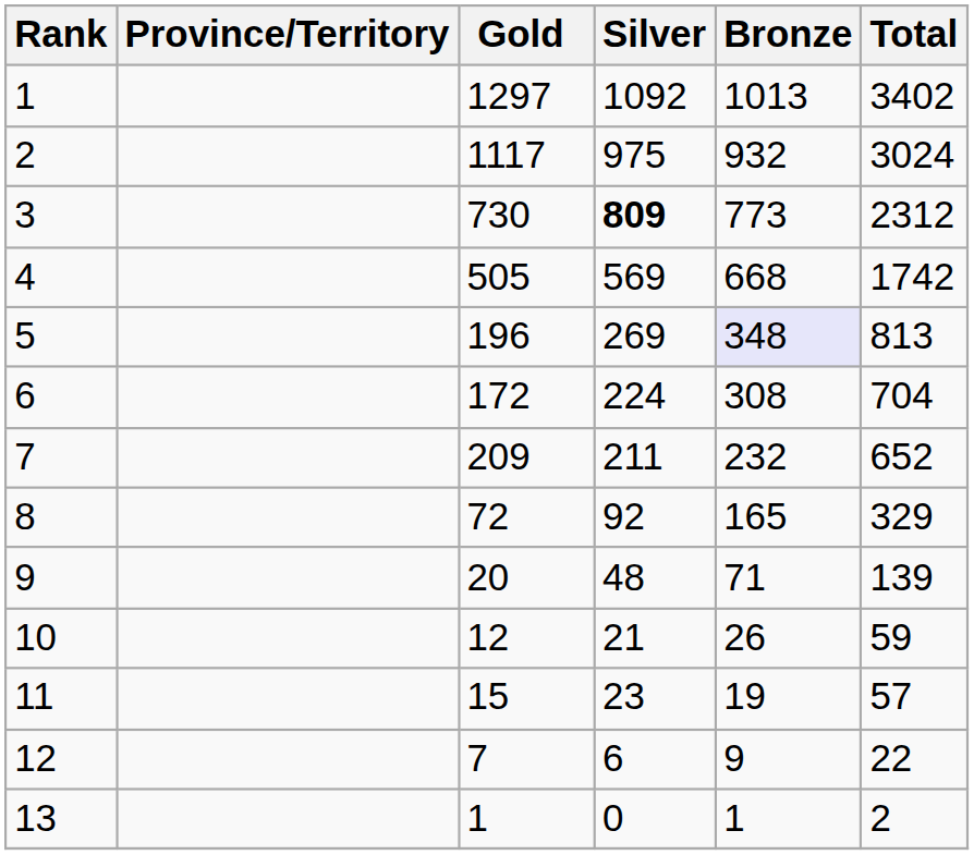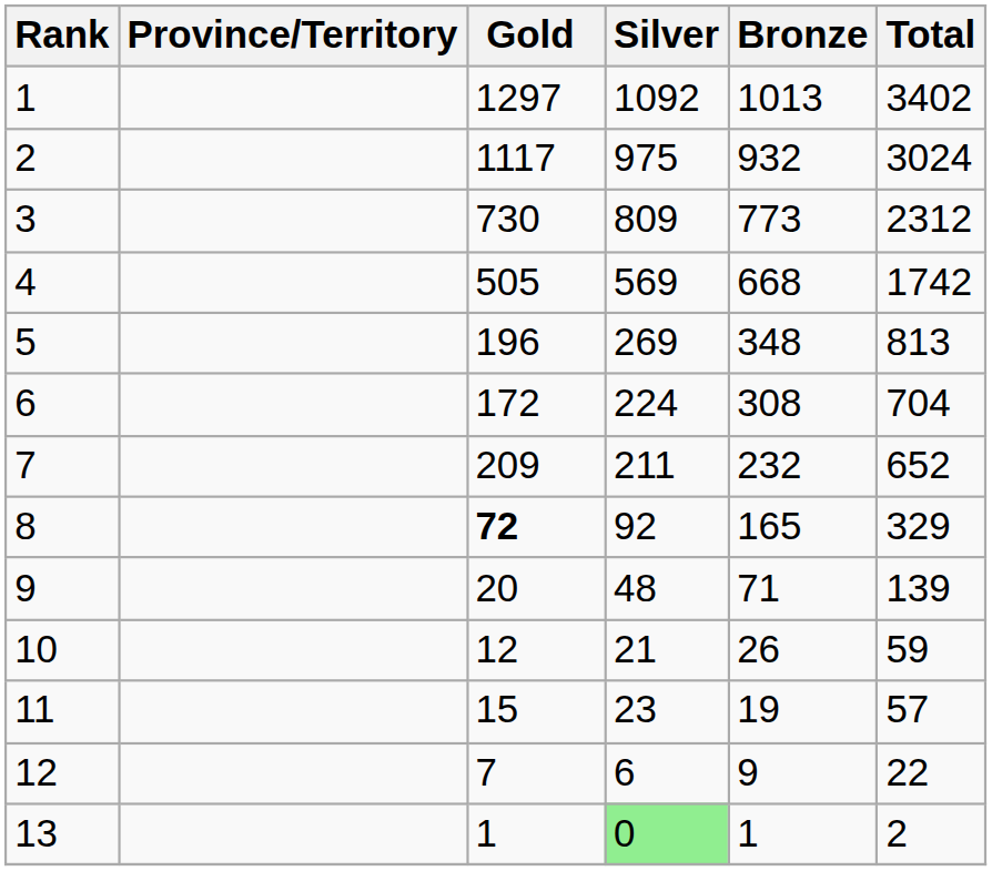 <table class="wikitable">
 <tr>
 <th><strong>Rank</strong></th>
 <th><strong>Province/Territory</strong></th>
 <th bgcolor="gold"><strong> Gold  </strong></th>
 <th bgcolor="silver"><strong>Silver</strong></th>
 <th bgcolor="CC9966"><strong>Bronze</strong></th>
 <th><strong>Total</strong></th>
 </tr>
 <tr>
 <td>1</td>
 <td></td>
 <td>1297</td>
 <td>1092</td>
 <td>1013</td>
 <td>3402</td>
 </tr>
 <tr>
 <td>2</td>
 <td></td>
 <td>1117</td>
 <td>975</td>
 <td>932</td>
 <td>3024</td>
 </tr>
 <tr>
 <td>3</td>
 <td></td>
 <td>730</td>
-<td><strong>809</strong></td>
+<td>809</td>
 <td>773</td>
 <td>2312</td>
 </tr>
 <tr>
 <td>4</td>
 <td></td>
 <td>505</td>
 <td>569</td>
 <td>668</td>
 <td>1742</td>
 </tr>
 <tr>
 <td>5</td>
 <td></td>
 <td>196</td>
 <td>269</td>
-<td style="background: lavender;">348</td>
+<td>348</td>
 <td>813</td>
 </tr>
 <tr>
 <td>6</td>
 <td></td>
 <td>172</td>
 <td>224</td>
 <td>308</td>
 <td>704</td>
 </tr>
 <tr>
 <td>7</td>
 <td></td>
 <td>209</td>
 <td>211</td>
 <td>232</td>
 <td>652</td>
 </tr>
 <tr>
 <td>8</td>
 <td></td>
-<td>72</td>
+<td><strong>72</strong></td>
 <td>92</td>
 <td>165</td>
 <td>329</td>
 </tr>
 <tr>
 <td>9</td>
 <td></td>
 <td>20</td>
 <td>48</td>
 <td>71</td>
 <td>139</td>
 </tr>
 <tr>
 <td>10</td>
 <td></td>
 <td>12</td>
 <td>21</td>
 <td>26</td>
 <td>59</td>
 </tr>
 <tr>
 <td>11</td>
 <td></td>
 <td>15</td>
 <td>23</td>
 <td>19</td>
 <td>57</td>
 </tr>
 <tr>
 <td>12</td>
 <td></td>
 <td>7</td>
 <td>6</td>
 <td>9</td>
 <td>22</td>
 </tr>
 <tr>
 <td>13</td>
 <td></td>
 <td>1</td>
-<td>0</td>
+<td style="background: lightgreen;">0</td>
 <td>1</td>
 <td>2</td>
 </tr>
 <tr>
 </tr>
 </table>
